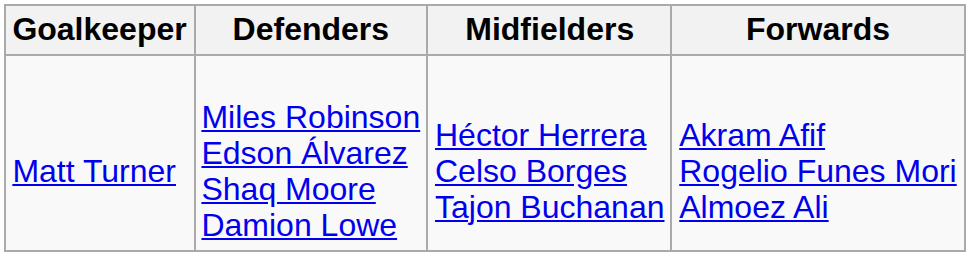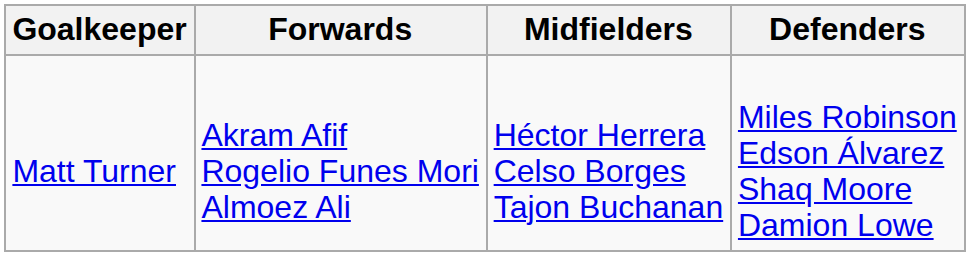 <table class="wikitable">
 <tr>
 <th>Goalkeeper</th>
+<th>Forwards</th>
+<th>Midfielders</th>
 <th>Defenders</th>
-<th>Midfielders</th>
-<th>Forwards</th>
 </tr>
 <tr>
 <td><br> <a href='#'>Matt Turner</a></td>
+<td><br> <a href='#'>Akram Afif</a><br>  <a href='#'>Rogelio Funes Mori</a><br>  <a href='#'>Almoez Ali</a></td>
+<td><br> <a href='#'>Héctor Herrera</a><br>  <a href='#'>Celso Borges</a><br>  <a href='#'>Tajon Buchanan</a></td>
 <td><br> <a href='#'>Miles Robinson</a><br>  <a href='#'>Edson Álvarez</a><br>  <a href='#'>Shaq Moore</a><br>  <a href='#'>Damion Lowe</a></td>
-<td><br> <a href='#'>Héctor Herrera</a><br>  <a href='#'>Celso Borges</a><br>  <a href='#'>Tajon Buchanan</a></td>
-<td><br> <a href='#'>Akram Afif</a><br>  <a href='#'>Rogelio Funes Mori</a><br>  <a href='#'>Almoez Ali</a></td>
 </tr>
 </table>
